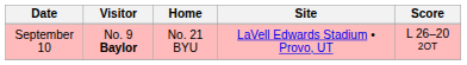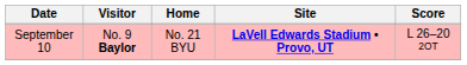 <table class="wikitable" style="text-align:center">
 <tr>
 <th>Date</th>
 <th>Visitor</th>
 <th>Home</th>
 <th>Site</th>
 <th>Score</th>
 </tr>
 <tr>
 </tr>
 <tr style="background:#fbb">
 <td>September 10</td>
 <td>No. 9 <strong>Baylor</strong></td>
 <td>No. 21 BYU</td>
-<td><a href='#'>LaVell Edwards Stadium</a> • <a href='#'>Provo, UT</a></td>
+<td><strong><a href='#'>LaVell Edwards Stadium</a> • <a href='#'>Provo, UT</a></strong></td>
 <td>L 26–20 <sup>2OT</sup></td>
 </tr>
 <tr>
 </tr>
 </table>
